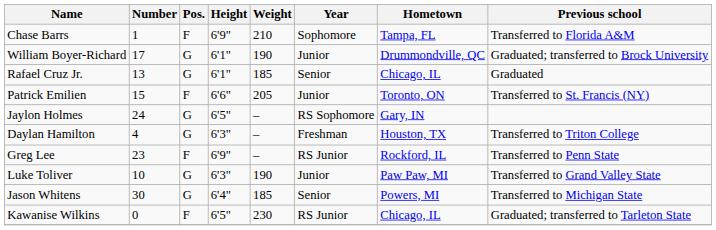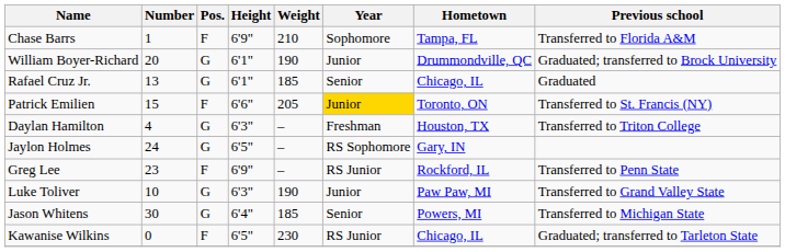 <table class="wikitable sortable sortable" border="1">
 <tr align=center>
 <th>Name</th>
 <th>Number</th>
 <th>Pos.</th>
 <th>Height</th>
 <th>Weight</th>
 <th>Year</th>
 <th>Hometown</th>
 <th>Previous school</th>
 </tr>
 <tr>
 <td>Chase Barrs</td>
 <td>1</td>
 <td>F</td>
 <td>6'9"</td>
 <td>210</td>
 <td>Sophomore</td>
 <td><a href='#'>Tampa, FL</a></td>
 <td>Transferred to <a href='#'>Florida A&M</a></td>
 </tr>
 <tr>
 <td>William Boyer-Richard</td>
-<td>17</td>
+<td>20</td>
 <td>G</td>
 <td>6'1"</td>
 <td>190</td>
 <td>Junior</td>
 <td><a href='#'>Drummondville, QC</a></td>
 <td>Graduated; transferred to <a href='#'>Brock University</a></td>
 </tr>
 <tr>
 <td>Rafael Cruz Jr.</td>
 <td>13</td>
 <td>G</td>
 <td>6'1"</td>
 <td>185</td>
 <td>Senior</td>
 <td><a href='#'>Chicago, IL</a></td>
 <td>Graduated</td>
 </tr>
 <tr>
 <td>Patrick Emilien</td>
 <td>15</td>
 <td>F</td>
 <td>6'6"</td>
 <td>205</td>
-<td>Junior</td>
+<td style="background: gold;">Junior</td>
 <td><a href='#'>Toronto, ON</a></td>
 <td>Transferred to <a href='#'>St. Francis (NY)</a></td>
+</tr>
+<tr>
+<td>Daylan Hamilton</td>
+<td>4</td>
+<td>G</td>
+<td>6'3"</td>
+<td>–</td>
+<td>Freshman</td>
+<td><a href='#'>Houston, TX</a></td>
+<td>Transferred to <a href='#'>Triton College</a></td>
 </tr>
 <tr>
 <td>Jaylon Holmes</td>
 <td>24</td>
 <td>G</td>
 <td>6'5"</td>
 <td>–</td>
 <td>RS Sophomore</td>
 <td><a href='#'>Gary, IN</a></td>
 <td></td>
-</tr>
-<tr>
-<td>Daylan Hamilton</td>
-<td>4</td>
-<td>G</td>
-<td>6'3"</td>
-<td>–</td>
-<td>Freshman</td>
-<td><a href='#'>Houston, TX</a></td>
-<td>Transferred to <a href='#'>Triton College</a></td>
 </tr>
 <tr>
 <td>Greg Lee</td>
 <td>23</td>
 <td>F</td>
 <td>6'9"</td>
 <td>–</td>
 <td>RS Junior</td>
 <td><a href='#'>Rockford, IL</a></td>
 <td>Transferred to <a href='#'>Penn State</a></td>
 </tr>
 <tr>
 <td>Luke Toliver</td>
 <td>10</td>
 <td>G</td>
 <td>6'3"</td>
 <td>190</td>
 <td>Junior</td>
 <td><a href='#'>Paw Paw, MI</a></td>
 <td>Transferred to <a href='#'>Grand Valley State</a></td>
 </tr>
 <tr>
 <td>Jason Whitens</td>
 <td>30</td>
 <td>G</td>
 <td>6'4"</td>
 <td>185</td>
 <td>Senior</td>
 <td><a href='#'>Powers, MI</a></td>
 <td>Transferred to <a href='#'>Michigan State</a></td>
 </tr>
 <tr>
 <td>Kawanise Wilkins</td>
 <td>0</td>
 <td>F</td>
 <td>6'5"</td>
 <td>230</td>
 <td>RS Junior</td>
 <td><a href='#'>Chicago, IL</a></td>
 <td>Graduated; transferred to <a href='#'>Tarleton State</a></td>
 </tr>
 <tr>
 </tr>
 </table>
